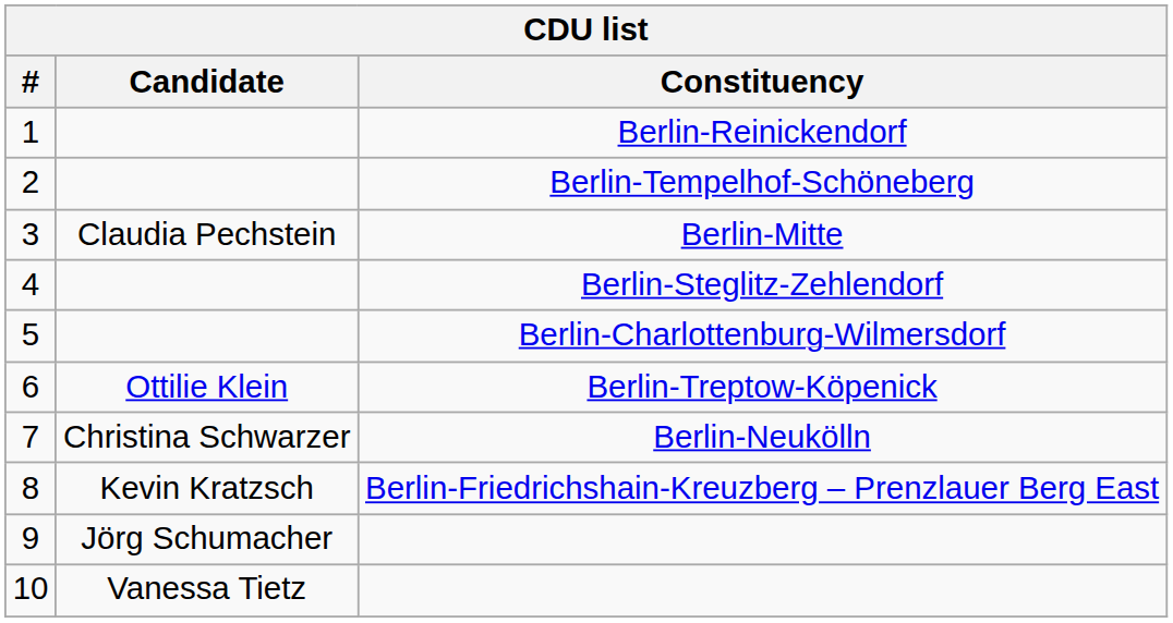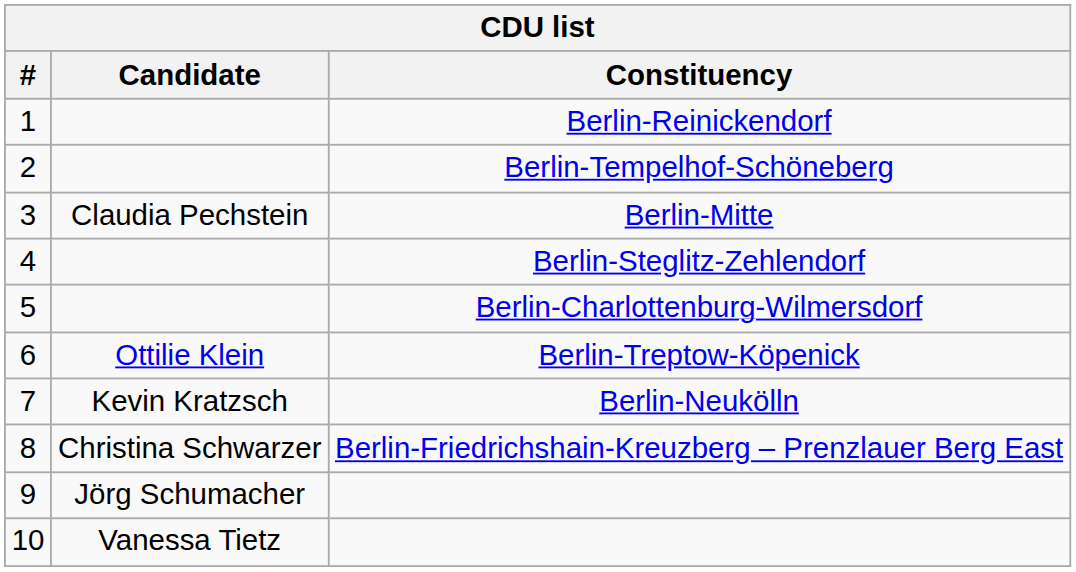 <table class="wikitable mw-collapsible mw-collapsed" style="text-align:center">
 <tr>
 <th colspan=3>CDU list</th>
 </tr>
 <tr>
 <th>#</th>
 <th>Candidate</th>
 <th>Constituency</th>
 </tr>
 <tr>
 <td>1</td>
 <td></td>
 <td><a href='#'>Berlin-Reinickendorf</a></td>
 </tr>
 <tr>
 <td>2</td>
 <td></td>
 <td><a href='#'>Berlin-Tempelhof-Schöneberg</a></td>
 </tr>
 <tr>
 <td>3</td>
 <td>Claudia Pechstein</td>
 <td><a href='#'>Berlin-Mitte</a></td>
 </tr>
 <tr>
 <td>4</td>
 <td></td>
 <td><a href='#'>Berlin-Steglitz-Zehlendorf</a></td>
 </tr>
 <tr>
 <td>5</td>
 <td></td>
 <td><a href='#'>Berlin-Charlottenburg-Wilmersdorf</a></td>
 </tr>
 <tr>
 <td>6</td>
 <td><a href='#'>Ottilie Klein</a></td>
 <td><a href='#'>Berlin-Treptow-Köpenick</a></td>
 </tr>
 <tr>
 <td>7</td>
-<td>Christina Schwarzer</td>
+<td>Kevin Kratzsch</td>
 <td><a href='#'>Berlin-Neukölln</a></td>
 </tr>
 <tr>
 <td>8</td>
-<td>Kevin Kratzsch</td>
+<td>Christina Schwarzer</td>
 <td><a href='#'>Berlin-Friedrichshain-Kreuzberg – Prenzlauer Berg East</a></td>
 </tr>
 <tr>
 <td>9</td>
 <td>Jörg Schumacher</td>
 <td></td>
 </tr>
 <tr>
 <td>10</td>
 <td>Vanessa Tietz</td>
 <td></td>
 </tr>
 </table>
